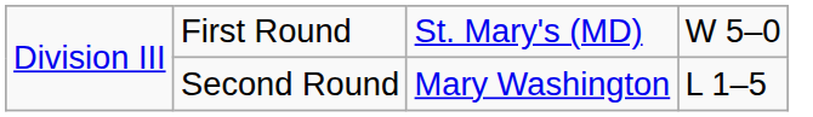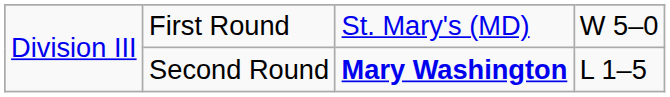 <table class="wikitable">
 <tr>
 <td rowspan="5"><a href='#'>Division III</a></td>
 <td>First Round</td>
 <td><a href='#'>St. Mary's (MD)</a></td>
 <td>W 5–0</td>
 </tr>
 <tr>
 <td>Second Round</td>
-<td><a href='#'>Mary Washington</a></td>
+<td><strong><a href='#'>Mary Washington</a></strong></td>
 <td>L 1–5</td>
 </tr>
 </table>
